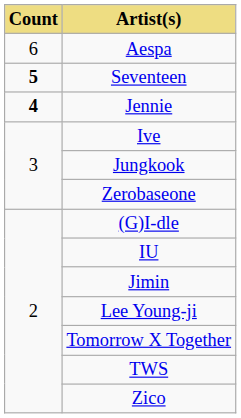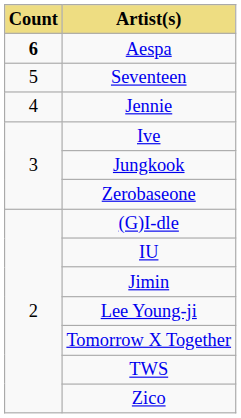 <table class="wikitable" style="text-align:center">
 <tr>
 <th scope="col" style="background-color:#EEDD82">Count</th>
 <th scope="col" style="background-color:#EEDD82">Artist(s)</th>
 </tr>
 <tr>
-<td>6</td>
+<td><strong>6</strong></td>
 <td><a href='#'>Aespa</a></td>
 </tr>
 <tr>
-<td><strong>5</strong></td>
+<td>5</td>
 <td><a href='#'>Seventeen</a></td>
 </tr>
 <tr>
-<td><strong>4</strong></td>
+<td>4</td>
 <td><a href='#'>Jennie</a></td>
 </tr>
 <tr>
 <td rowspan="3">3</td>
 <td><a href='#'>Ive</a></td>
 </tr>
 <tr>
 <td><a href='#'>Jungkook</a></td>
 </tr>
 <tr>
 <td><a href='#'>Zerobaseone</a></td>
 </tr>
 <tr>
 <td rowspan="7">2</td>
 <td><a href='#'>(G)I-dle</a></td>
 </tr>
 <tr>
 <td><a href='#'>IU</a></td>
 </tr>
 <tr>
 <td><a href='#'>Jimin</a></td>
 </tr>
 <tr>
 <td><a href='#'>Lee Young-ji</a></td>
 </tr>
 <tr>
 <td><a href='#'>Tomorrow X Together</a></td>
 </tr>
 <tr>
 <td><a href='#'>TWS</a></td>
 </tr>
 <tr>
 <td><a href='#'>Zico</a></td>
 </tr>
 </table>
